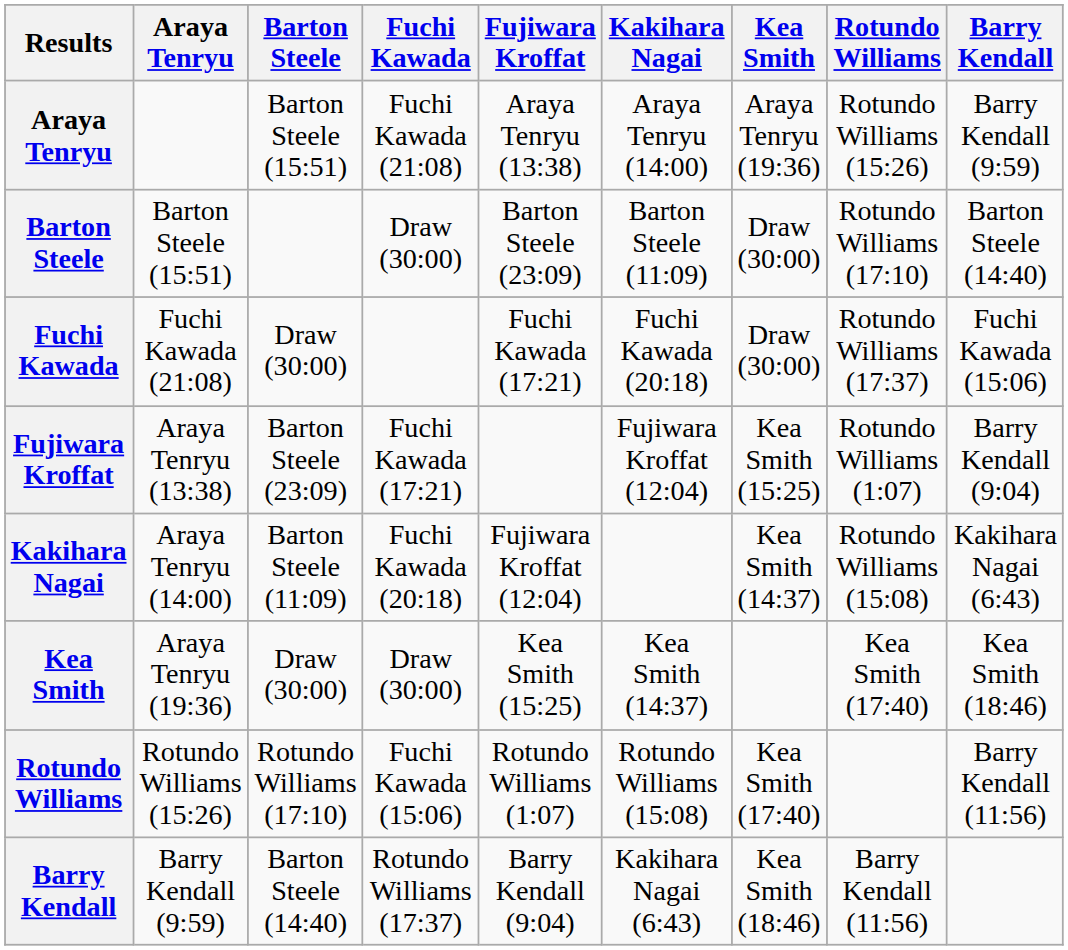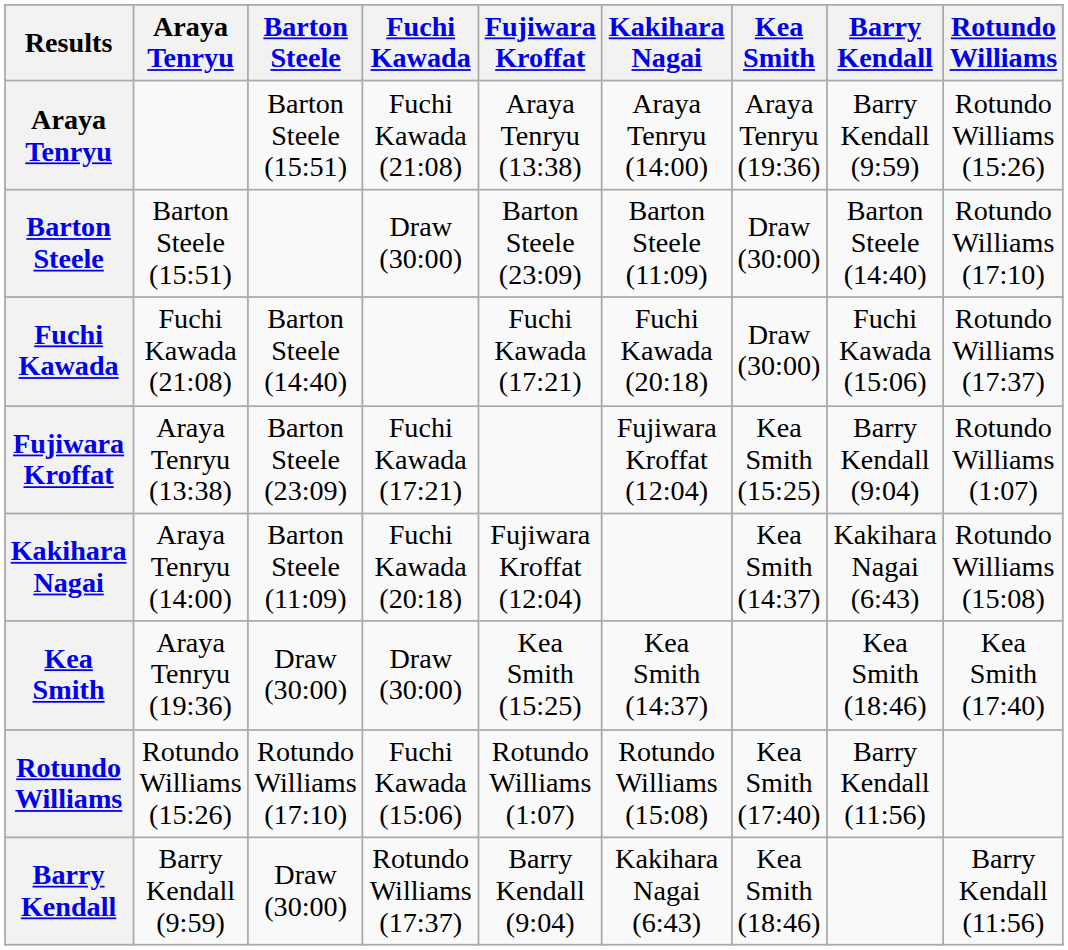 <table class="wikitable" style="text-align:center; margin: 1em auto 1em auto">
 <tr>
 <th>Results</th>
 <th>Araya<br><a href='#'>Tenryu</a></th>
 <th><a href='#'>Barton</a><br><a href='#'>Steele</a></th>
 <th><a href='#'>Fuchi</a><br><a href='#'>Kawada</a></th>
 <th><a href='#'>Fujiwara</a><br><a href='#'>Kroffat</a></th>
 <th><a href='#'>Kakihara</a><br><a href='#'>Nagai</a></th>
 <th><a href='#'>Kea</a><br><a href='#'>Smith</a></th>
+<th><a href='#'>Barry</a><br><a href='#'>Kendall</a></th>
 <th><a href='#'>Rotundo</a><br><a href='#'>Williams</a></th>
-<th><a href='#'>Barry</a><br><a href='#'>Kendall</a></th>
 </tr>
 <tr>
 <th>Araya<br><a href='#'>Tenryu</a></th>
 <td></td>
 <td>Barton<br>Steele<br>(15:51)</td>
 <td>Fuchi<br>Kawada<br>(21:08)</td>
 <td>Araya<br>Tenryu<br>(13:38)</td>
 <td>Araya<br>Tenryu<br>(14:00)</td>
 <td>Araya<br>Tenryu<br>(19:36)</td>
+<td>Barry<br>Kendall<br>(9:59)</td>
 <td>Rotundo<br>Williams<br>(15:26)</td>
-<td>Barry<br>Kendall<br>(9:59)</td>
 </tr>
 <tr>
 <th><a href='#'>Barton</a><br><a href='#'>Steele</a></th>
 <td>Barton<br>Steele<br>(15:51)</td>
 <td></td>
 <td>Draw<br>(30:00)</td>
 <td>Barton<br>Steele<br>(23:09)</td>
 <td>Barton<br>Steele<br>(11:09)</td>
 <td>Draw<br>(30:00)</td>
+<td>Barton<br>Steele<br>(14:40)</td>
 <td>Rotundo<br>Williams<br>(17:10)</td>
-<td>Barton<br>Steele<br>(14:40)</td>
 </tr>
 <tr>
 <th><a href='#'>Fuchi</a><br><a href='#'>Kawada</a></th>
 <td>Fuchi<br>Kawada<br>(21:08)</td>
-<td>Draw<br>(30:00)</td>
+<td>Barton<br>Steele<br>(14:40)</td>
 <td></td>
 <td>Fuchi<br>Kawada<br>(17:21)</td>
 <td>Fuchi<br>Kawada<br>(20:18)</td>
 <td>Draw<br>(30:00)</td>
+<td>Fuchi<br>Kawada<br>(15:06)</td>
 <td>Rotundo<br>Williams<br>(17:37)</td>
-<td>Fuchi<br>Kawada<br>(15:06)</td>
 </tr>
 <tr>
 <th><a href='#'>Fujiwara</a><br><a href='#'>Kroffat</a></th>
 <td>Araya<br>Tenryu<br>(13:38)</td>
 <td>Barton<br>Steele<br>(23:09)</td>
 <td>Fuchi<br>Kawada<br>(17:21)</td>
 <td></td>
 <td>Fujiwara<br>Kroffat<br>(12:04)</td>
 <td>Kea<br>Smith<br>(15:25)</td>
+<td>Barry<br>Kendall<br>(9:04)</td>
 <td>Rotundo<br>Williams<br>(1:07)</td>
-<td>Barry<br>Kendall<br>(9:04)</td>
 </tr>
 <tr>
 <th><a href='#'>Kakihara</a><br><a href='#'>Nagai</a></th>
 <td>Araya<br>Tenryu<br>(14:00)</td>
 <td>Barton<br>Steele<br>(11:09)</td>
 <td>Fuchi<br>Kawada<br>(20:18)</td>
 <td>Fujiwara<br>Kroffat<br>(12:04)</td>
 <td></td>
 <td>Kea<br>Smith<br>(14:37)</td>
+<td>Kakihara<br>Nagai<br>(6:43)</td>
 <td>Rotundo<br>Williams<br>(15:08)</td>
-<td>Kakihara<br>Nagai<br>(6:43)</td>
 </tr>
 <tr>
 <th><a href='#'>Kea</a><br><a href='#'>Smith</a></th>
 <td>Araya<br>Tenryu<br>(19:36)</td>
 <td>Draw<br>(30:00)</td>
 <td>Draw<br>(30:00)</td>
 <td>Kea<br>Smith<br>(15:25)</td>
 <td>Kea<br>Smith<br>(14:37)</td>
 <td></td>
+<td>Kea<br>Smith<br>(18:46)</td>
 <td>Kea<br>Smith<br>(17:40)</td>
-<td>Kea<br>Smith<br>(18:46)</td>
 </tr>
 <tr>
 <th><a href='#'>Rotundo</a><br><a href='#'>Williams</a></th>
 <td>Rotundo<br>Williams<br>(15:26)</td>
 <td>Rotundo<br>Williams<br>(17:10)</td>
 <td>Fuchi<br>Kawada<br>(15:06)</td>
 <td>Rotundo<br>Williams<br>(1:07)</td>
 <td>Rotundo<br>Williams<br>(15:08)</td>
 <td>Kea<br>Smith<br>(17:40)</td>
+<td>Barry<br>Kendall<br>(11:56)</td>
 <td></td>
-<td>Barry<br>Kendall<br>(11:56)</td>
 </tr>
 <tr>
 <th><a href='#'>Barry</a><br><a href='#'>Kendall</a></th>
 <td>Barry<br>Kendall<br>(9:59)</td>
-<td>Barton<br>Steele<br>(14:40)</td>
+<td>Draw<br>(30:00)</td>
 <td>Rotundo<br>Williams<br>(17:37)</td>
 <td>Barry<br>Kendall<br>(9:04)</td>
 <td>Kakihara<br>Nagai<br>(6:43)</td>
 <td>Kea<br>Smith<br>(18:46)</td>
+<td></td>
 <td>Barry<br>Kendall<br>(11:56)</td>
-<td></td>
 </tr>
 </table>
